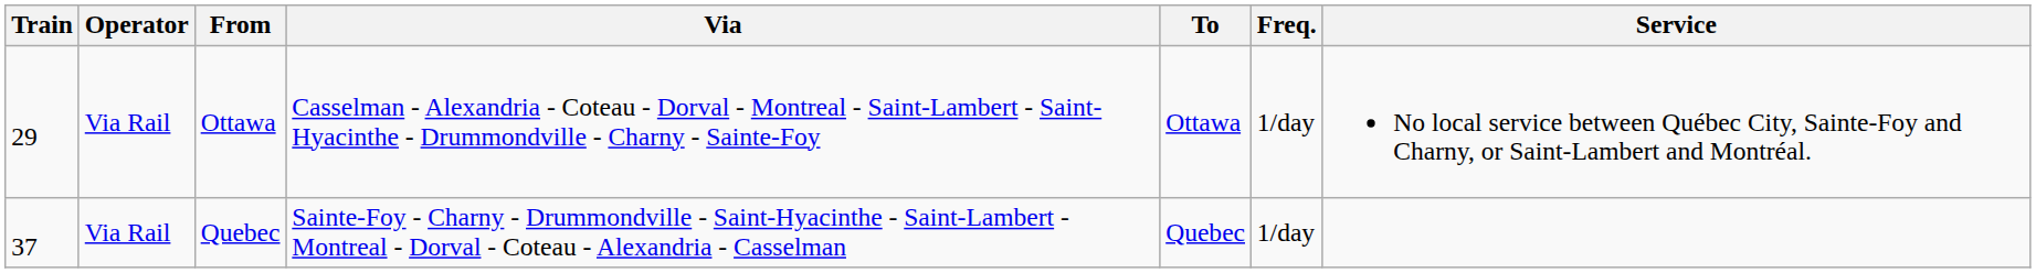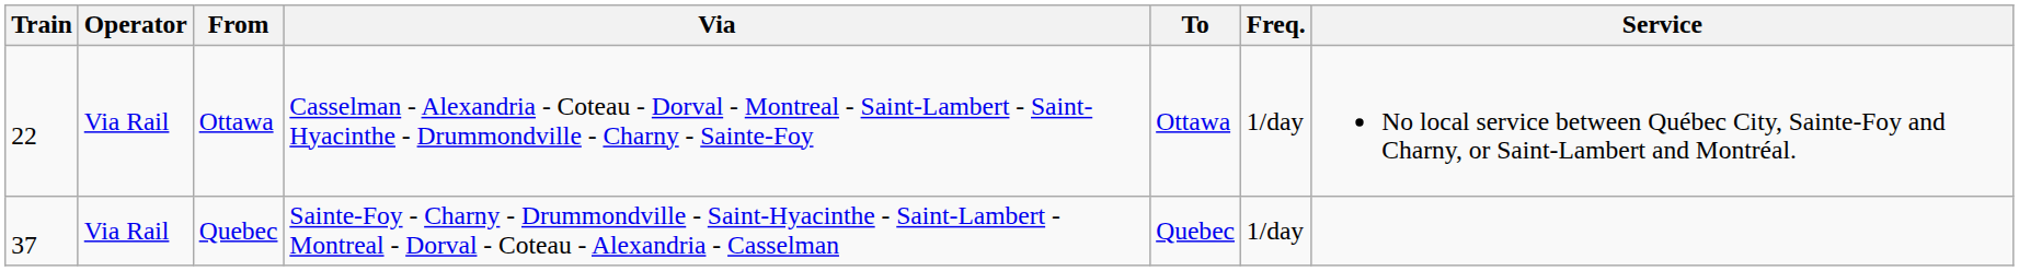 <table class="wikitable vatop">
 <tr>
 <th>Train</th>
 <th>Operator</th>
 <th>From</th>
 <th>Via</th>
 <th>To</th>
 <th>Freq.</th>
 <th>Service</th>
 </tr>
 <tr>
-<td><br>29</td>
+<td><br>22</td>
 <td><a href='#'>Via Rail</a></td>
 <td><a href='#'>Ottawa</a></td>
 <td><a href='#'>Casselman</a> - <a href='#'>Alexandria</a> - Coteau -   <a href='#'>Dorval</a> - <a href='#'>Montreal</a> - <a href='#'>Saint-Lambert</a> - <a href='#'>Saint-Hyacinthe</a> - <a href='#'>Drummondville</a> - <a href='#'>Charny</a> - <a href='#'>Sainte-Foy</a></td>
 <td><a href='#'>Ottawa</a></td>
 <td>1/day</td>
 <td><br><ul><li>No local service between Québec City, Sainte-Foy and Charny, or Saint-Lambert and Montréal.</li></ul></td>
 </tr>
 <tr>
 <td><br>37</td>
 <td><a href='#'>Via Rail</a></td>
 <td><a href='#'>Quebec</a></td>
 <td><a href='#'>Sainte-Foy</a> - <a href='#'>Charny</a> - <a href='#'>Drummondville</a> - <a href='#'>Saint-Hyacinthe</a>   - <a href='#'>Saint-Lambert</a> - <a href='#'>Montreal</a>  -   <a href='#'>Dorval</a> - Coteau - <a href='#'>Alexandria</a> - <a href='#'>Casselman</a></td>
 <td><a href='#'>Quebec</a></td>
 <td>1/day</td>
 <td></td>
 </tr>
 </table>
